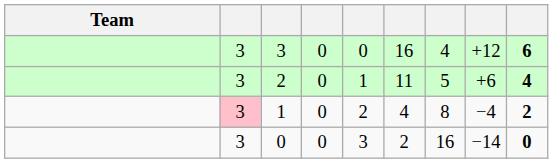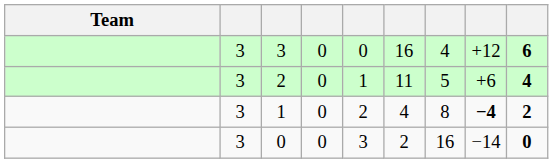 <table class="wikitable" style="text-align: center; font-size:90% ">
 <tr>
 <th width=160>Team</th>
 <th width=25></th>
 <th width=25></th>
 <th width=25></th>
 <th width=25></th>
 <th width=25></th>
 <th width=25></th>
 <th width=25></th>
 <th width=25></th>
 </tr>
 <tr bgcolor="ccffcc">
 <td align=left></td>
 <td>3</td>
 <td>3</td>
 <td>0</td>
 <td>0</td>
 <td>16</td>
 <td>4</td>
 <td>+12</td>
 <td><strong>6</strong></td>
 </tr>
 <tr bgcolor="ccffcc">
 <td align=left></td>
 <td>3</td>
 <td>2</td>
 <td>0</td>
 <td>1</td>
 <td>11</td>
 <td>5</td>
 <td>+6</td>
 <td><strong>4</strong></td>
 </tr>
 <tr>
 <td align=left></td>
-<td style="background: pink;">3</td>
+<td>3</td>
 <td>1</td>
 <td>0</td>
 <td>2</td>
 <td>4</td>
 <td>8</td>
-<td>−4</td>
+<td><strong>−4</strong></td>
 <td><strong>2</strong></td>
 </tr>
 <tr>
 <td align=left></td>
 <td>3</td>
 <td>0</td>
 <td>0</td>
 <td>3</td>
 <td>2</td>
 <td>16</td>
 <td>−14</td>
 <td><strong>0</strong></td>
 </tr>
 </table>
